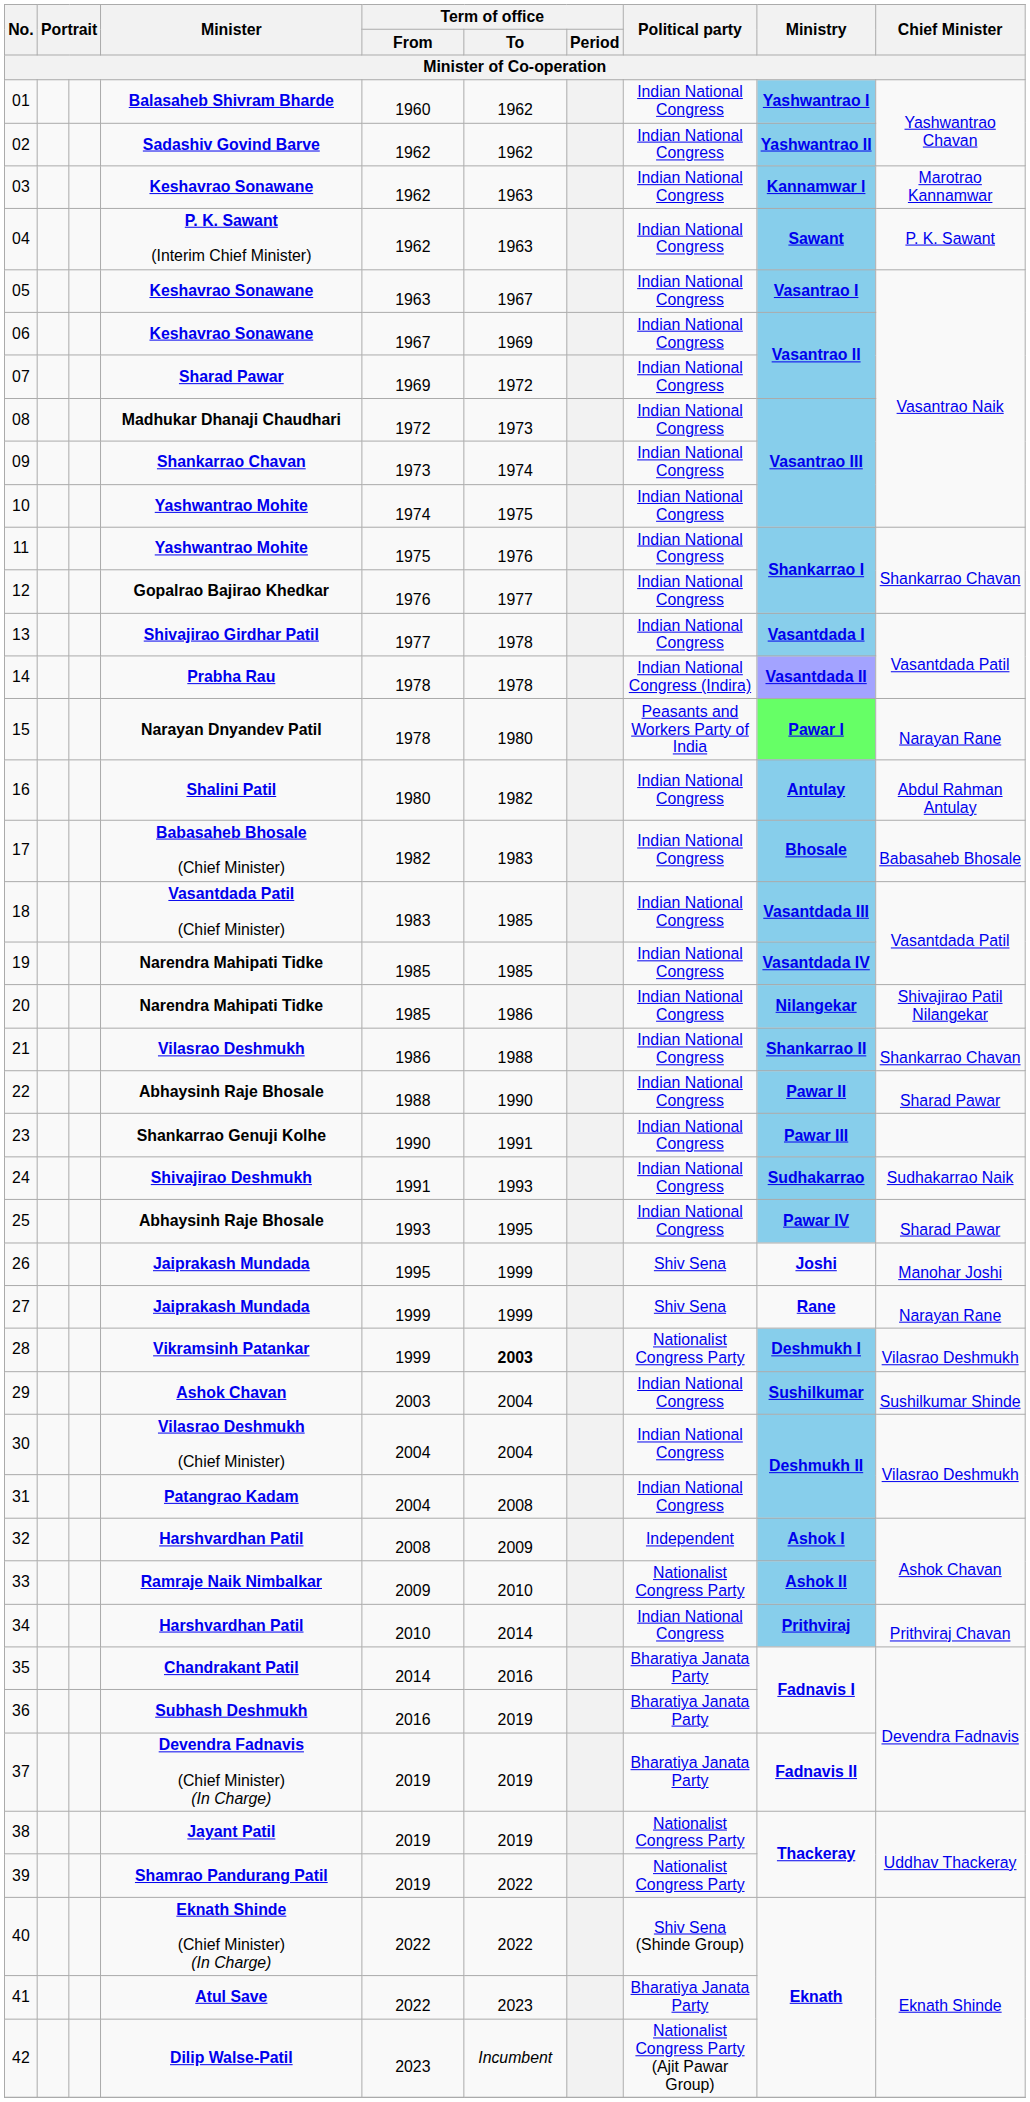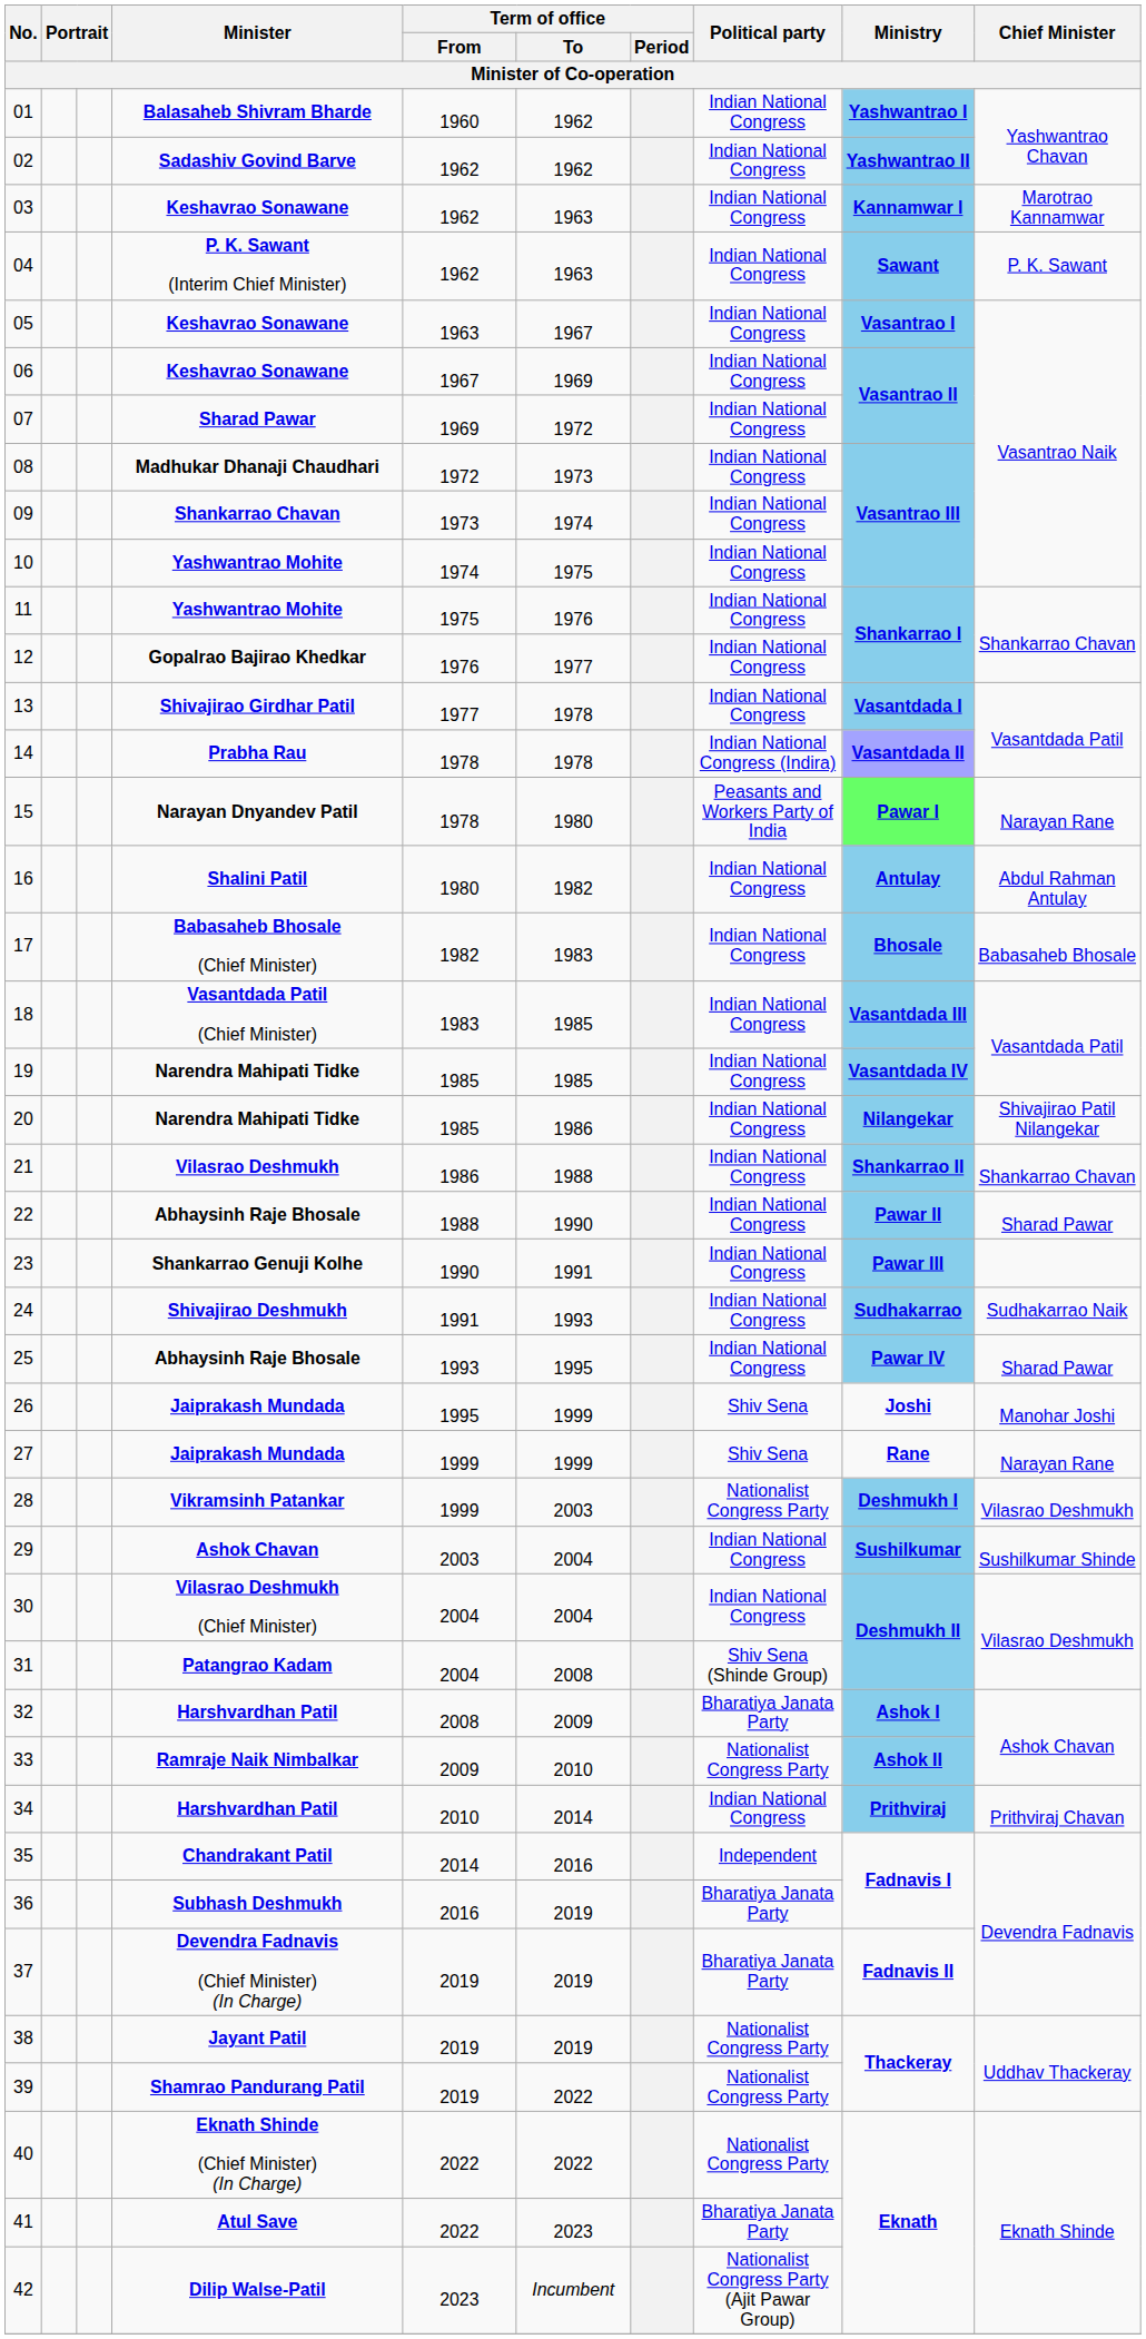 <table class="wikitable" style="text-align:center">
 <tr>
 <th rowspan="2">No.</th>
 <th rowspan="2" colspan="2">Portrait</th>
 <th rowspan="2" style="width:16em">Minister<br></th>
 <th colspan="3">Term of office</th>
 <th rowspan="2" style="width:8em">Political party</th>
 <th rowspan="2">Ministry</th>
 <th rowspan="2" style="width:9em">Chief Minister</th>
 </tr>
 <tr>
 <th style="width:6em">From</th>
 <th style="width:6em">To</th>
 <th>Period</th>
 </tr>
 <tr>
 <th colspan="10">Minister of Co-operation</th>
 </tr>
 <tr>
 <td>01</td>
 <td style="color:inherit;background:"></td>
 <td></td>
 <td><strong><a href='#'>Balasaheb Shivram Bharde</a></strong>  <br> </td>
 <td><br>1960</td>
 <td><br>1962</td>
 <th></th>
 <td><a href='#'>Indian National Congress</a></td>
 <td bgcolor="#87CEEB"><a href='#'><strong>Yashwantrao I</strong></a></td>
 <td rowspan="2"> <br><a href='#'>Yashwantrao Chavan</a></td>
 </tr>
 <tr>
 <td>02</td>
 <td style="color:inherit;background:"></td>
 <td></td>
 <td><strong><a href='#'>Sadashiv Govind Barve</a></strong> <br> </td>
 <td><br>1962</td>
 <td><br>1962</td>
 <th></th>
 <td><a href='#'>Indian National Congress</a></td>
 <td bgcolor="#87CEEB"><a href='#'><strong>Yashwantrao II</strong></a></td>
 </tr>
 <tr>
 <td>03</td>
 <td style="color:inherit;background:"></td>
 <td></td>
 <td><strong><a href='#'>Keshavrao Sonawane</a></strong> <br> </td>
 <td><br>1962</td>
 <td><br>1963</td>
 <th></th>
 <td><a href='#'>Indian National Congress</a></td>
 <td bgcolor="#87CEEB"><a href='#'><strong>Kannamwar l</strong></a></td>
 <td><a href='#'>Marotrao Kannamwar</a></td>
 </tr>
 <tr>
 <td>04</td>
 <td style="color:inherit;background:"></td>
 <td></td>
 <td><strong><a href='#'>P. K. Sawant</a></strong> <br>  <br>(Interim Chief Minister)</td>
 <td><br>1962</td>
 <td><br>1963</td>
 <th></th>
 <td><a href='#'>Indian National Congress</a></td>
 <td bgcolor="#87CEEB"><a href='#'><strong>Sawant</strong></a></td>
 <td><a href='#'>P. K. Sawant</a></td>
 </tr>
 <tr>
 <td>05</td>
 <td style="color:inherit;background:"></td>
 <td></td>
 <td><strong><a href='#'>Keshavrao Sonawane</a></strong> <br> </td>
 <td><br>1963</td>
 <td><br>1967</td>
 <th></th>
 <td><a href='#'>Indian National Congress</a></td>
 <td bgcolor="#87CEEB"><a href='#'><strong>Vasantrao I</strong></a></td>
 <td rowspan="6"><br><a href='#'>Vasantrao Naik</a></td>
 </tr>
 <tr>
 <td>06</td>
 <td style="color:inherit;background:"></td>
 <td></td>
 <td><strong><a href='#'>Keshavrao Sonawane</a></strong> <br> </td>
 <td><br>1967</td>
 <td><br>1969</td>
 <th></th>
 <td><a href='#'>Indian National Congress</a></td>
 <td rowspan="2" bgcolor="#87CEEB"><a href='#'><strong>Vasantrao II</strong></a></td>
 </tr>
 <tr>
 <td>07</td>
 <td style="color:inherit;background:"></td>
 <td></td>
 <td><strong><a href='#'>Sharad Pawar</a></strong> <br> </td>
 <td><br>1969</td>
 <td><br>1972</td>
 <th></th>
 <td><a href='#'>Indian National Congress</a></td>
 </tr>
 <tr>
 <td>08</td>
 <td style="color:inherit;background:"></td>
 <td></td>
 <td><strong>Madhukar Dhanaji Chaudhari</strong> <br> </td>
 <td><br>1972</td>
 <td><br>1973</td>
 <th></th>
 <td><a href='#'>Indian National Congress</a></td>
 <td rowspan="3" bgcolor="#87CEEB"><a href='#'><strong>Vasantrao III</strong></a></td>
 </tr>
 <tr>
 <td>09</td>
 <td style="color:inherit;background:"></td>
 <td></td>
 <td><strong><a href='#'>Shankarrao Chavan</a></strong> <br> </td>
 <td><br>1973</td>
 <td><br>1974</td>
 <th></th>
 <td><a href='#'>Indian National Congress</a></td>
 </tr>
 <tr>
 <td>10</td>
 <td style="color:inherit;background:"></td>
 <td></td>
 <td><strong><a href='#'>Yashwantrao Mohite</a></strong> <br> </td>
 <td><br>1974</td>
 <td><br>1975</td>
 <th></th>
 <td><a href='#'>Indian National Congress</a></td>
 </tr>
 <tr>
 <td>11</td>
 <td style="color:inherit;background:"></td>
 <td></td>
 <td><strong><a href='#'>Yashwantrao Mohite</a></strong> <br> </td>
 <td><br>1975</td>
 <td><br>1976</td>
 <th></th>
 <td><a href='#'>Indian National Congress</a></td>
 <td rowspan="2" bgcolor="#87CEEB"><a href='#'><strong>Shankarrao I</strong></a></td>
 <td rowspan="2"><br><a href='#'>Shankarrao Chavan</a></td>
 </tr>
 <tr>
 <td>12</td>
 <td style="color:inherit;background:"></td>
 <td></td>
 <td><strong>Gopalrao Bajirao Khedkar</strong> <br> </td>
 <td><br>1976</td>
 <td><br>1977</td>
 <th></th>
 <td><a href='#'>Indian National Congress</a></td>
 </tr>
 <tr>
 <td>13</td>
 <td style="color:inherit;background:"></td>
 <td></td>
 <td><strong><a href='#'>Shivajirao Girdhar Patil</a></strong> <br> </td>
 <td><br>1977</td>
 <td><br>1978</td>
 <th></th>
 <td><a href='#'>Indian National Congress</a></td>
 <td rowspan="1" bgcolor="#88CEEB"><a href='#'><strong>Vasantdada I</strong></a></td>
 <td rowspan="2"><br><a href='#'>Vasantdada Patil</a></td>
 </tr>
 <tr>
 <td>14</td>
 <td style="color:inherit;background:"></td>
 <td></td>
 <td><strong><a href='#'>Prabha Rau</a></strong> <br> </td>
 <td><br>1978</td>
 <td><br>1978</td>
 <th></th>
 <td><a href='#'>Indian National Congress (Indira)</a></td>
 <td bgcolor="#A3A3FF"><a href='#'><strong>Vasantdada II</strong></a></td>
 </tr>
 <tr>
 <td>15</td>
 <td style="color:inherit;background:"></td>
 <td></td>
 <td><strong>Narayan Dnyandev Patil</strong> <br> </td>
 <td><br>1978</td>
 <td><br>1980</td>
 <th></th>
 <td><a href='#'>Peasants and Workers Party of India</a></td>
 <td rowspan="1" bgcolor="#66FF66"><a href='#'><strong>Pawar I</strong></a></td>
 <td rowspan="1"> <br><a href='#'>Narayan Rane</a></td>
 </tr>
 <tr>
 <td>16</td>
 <td style="color:inherit;background:"></td>
 <td></td>
 <td><strong><a href='#'>Shalini Patil</a></strong> <br> </td>
 <td><br>1980</td>
 <td><br>1982</td>
 <th></th>
 <td><a href='#'>Indian National Congress</a></td>
 <td rowspan="1" bgcolor="#87CEEB"><a href='#'><strong>Antulay</strong></a></td>
 <td rowspan="1"> <br><a href='#'>Abdul Rahman Antulay</a></td>
 </tr>
 <tr>
 <td>17</td>
 <td style="color:inherit;background:"></td>
 <td></td>
 <td><strong><a href='#'>Babasaheb Bhosale</a></strong> <br> <br>(Chief Minister)</td>
 <td><br>1982</td>
 <td><br>1983</td>
 <th></th>
 <td><a href='#'>Indian National Congress</a></td>
 <td rowspan="1" bgcolor="#87CEEB"><a href='#'><strong>Bhosale</strong></a></td>
 <td rowspan="1"> <br><a href='#'>Babasaheb Bhosale</a></td>
 </tr>
 <tr>
 <td>18</td>
 <td style="color:inherit;background:"></td>
 <td><br></td>
 <td><strong><a href='#'>Vasantdada Patil</a></strong>   <br> <br>(Chief Minister)</td>
 <td><br>1983</td>
 <td><br>1985</td>
 <th></th>
 <td><a href='#'>Indian National Congress</a></td>
 <td bgcolor="#87CEEB"><a href='#'><strong>Vasantdada III</strong></a></td>
 <td rowspan="2"><br><a href='#'>Vasantdada Patil</a></td>
 </tr>
 <tr>
 <td>19</td>
 <td style="color:inherit;background:"></td>
 <td></td>
 <td><strong>Narendra Mahipati Tidke</strong> <br> </td>
 <td><br>1985</td>
 <td><br>1985</td>
 <th></th>
 <td><a href='#'>Indian National Congress</a></td>
 <td bgcolor="#87CEEB"><a href='#'><strong>Vasantdada IV</strong></a></td>
 </tr>
 <tr>
 <td>20</td>
 <td style="color:inherit;background:"></td>
 <td></td>
 <td><strong>Narendra Mahipati Tidke</strong>  <br> </td>
 <td><br>1985</td>
 <td><br>1986</td>
 <th></th>
 <td><a href='#'>Indian National Congress</a></td>
 <td bgcolor="#87CEEB"><a href='#'><strong>Nilangekar</strong></a></td>
 <td><a href='#'>Shivajirao Patil Nilangekar</a></td>
 </tr>
 <tr>
 <td>21</td>
 <td style="color:inherit;background:"></td>
 <td></td>
 <td><strong><a href='#'>Vilasrao Deshmukh</a></strong> <br> </td>
 <td><br>1986</td>
 <td><br>1988</td>
 <th></th>
 <td><a href='#'>Indian National Congress</a></td>
 <td rowspan="1"bgcolor="#87CEEB"><a href='#'><strong>Shankarrao II</strong></a></td>
 <td rowspan="1"> <br><a href='#'>Shankarrao Chavan</a></td>
 </tr>
 <tr>
 <td>22</td>
 <td style="color:inherit;background:"></td>
 <td></td>
 <td><strong>Abhaysinh Raje Bhosale</strong>   <br> </td>
 <td><br>1988</td>
 <td><br>1990</td>
 <th></th>
 <td><a href='#'>Indian National Congress</a></td>
 <td rowspan="1" bgcolor="#87CEEB"><a href='#'><strong>Pawar II</strong></a></td>
 <td rowspan="1"> <br><a href='#'>Sharad Pawar</a></td>
 </tr>
 <tr>
 <td>23</td>
 <td style="color:inherit;background:"></td>
 <td></td>
 <td><strong>Shankarrao Genuji Kolhe</strong> <br> </td>
 <td><br>1990</td>
 <td><br>1991</td>
 <th></th>
 <td><a href='#'>Indian National Congress</a></td>
 <td rowspan="1" bgcolor="#87CEEB"><a href='#'><strong>Pawar III</strong></a></td>
 </tr>
 <tr>
 <td>24</td>
 <td style="color:inherit;background:"></td>
 <td></td>
 <td><strong><a href='#'>Shivajirao Deshmukh</a></strong> <br> </td>
 <td><br>1991</td>
 <td><br>1993</td>
 <th></th>
 <td><a href='#'>Indian National Congress</a></td>
 <td rowspan="1" bgcolor="#87CEEB"><a href='#'><strong>Sudhakarrao</strong></a></td>
 <td rowspan="1"><a href='#'>Sudhakarrao Naik</a></td>
 </tr>
 <tr>
 <td>25</td>
 <td style="color:inherit;background:"></td>
 <td></td>
 <td><strong>Abhaysinh Raje Bhosale</strong> <br> </td>
 <td><br>1993</td>
 <td><br>1995</td>
 <th></th>
 <td><a href='#'>Indian National Congress</a></td>
 <td bgcolor="#87CEEB"><a href='#'><strong>Pawar IV</strong></a></td>
 <td> <br><a href='#'>Sharad Pawar</a></td>
 </tr>
 <tr>
 <td>26</td>
 <td style="color:inherit;background:"></td>
 <td></td>
 <td><strong><a href='#'>Jaiprakash Mundada</a></strong> <br> </td>
 <td><br>1995</td>
 <td><br>1999</td>
 <th></th>
 <td><a href='#'>Shiv Sena</a></td>
 <td rowspan="1"><a href='#'><strong>Joshi</strong></a></td>
 <td rowspan="1"> <br><a href='#'>Manohar Joshi</a></td>
 </tr>
 <tr>
 <td>27</td>
 <td style="color:inherit;background:"></td>
 <td></td>
 <td><strong><a href='#'>Jaiprakash Mundada</a></strong> <br> </td>
 <td><br>1999</td>
 <td><br>1999</td>
 <th></th>
 <td><a href='#'>Shiv Sena</a></td>
 <td rowspan="1"><a href='#'><strong>Rane</strong></a></td>
 <td rowspan="1"> <br><a href='#'>Narayan Rane</a></td>
 </tr>
 <tr>
 <td>28</td>
 <td style="color:inherit;background:"></td>
 <td></td>
 <td><strong><a href='#'>Vikramsinh Patankar</a></strong> <br> </td>
 <td><br>1999</td>
-<td><strong><br>2003</strong></td>
+<td><br>2003</td>
 <th></th>
 <td><a href='#'>Nationalist Congress Party</a></td>
 <td rowspan="1" bgcolor="#87CEEB"><a href='#'><strong>Deshmukh I</strong></a></td>
 <td rowspan="1"> <br><a href='#'>Vilasrao Deshmukh</a></td>
 </tr>
 <tr>
 <td>29</td>
 <td style="color:inherit;background:"></td>
 <td></td>
 <td><strong><a href='#'>Ashok Chavan</a></strong> <br> </td>
 <td><br>2003</td>
 <td><br>2004</td>
 <th></th>
 <td><a href='#'>Indian National Congress</a></td>
 <td rowspan="1" bgcolor="#87CEEB"><a href='#'><strong>Sushilkumar</strong></a></td>
 <td rowspan="1"> <br><a href='#'>Sushilkumar Shinde</a></td>
 </tr>
 <tr>
 <td>30</td>
 <td style="color:inherit;background:"></td>
 <td></td>
 <td><strong><a href='#'>Vilasrao Deshmukh</a></strong> <br> <br>(Chief Minister)</td>
 <td><br>2004</td>
 <td><br>2004</td>
 <th></th>
 <td><a href='#'>Indian National Congress</a></td>
 <td rowspan="2" bgcolor="#87CEEB"><a href='#'><strong>Deshmukh II</strong></a></td>
 <td rowspan="2"> <br><a href='#'>Vilasrao Deshmukh</a></td>
 </tr>
 <tr>
 <td>31</td>
 <td style="color:inherit;background:"></td>
 <td></td>
 <td><strong><a href='#'>Patangrao Kadam</a></strong> <br> </td>
 <td><br>2004</td>
 <td><br>2008</td>
 <th></th>
-<td><a href='#'>Indian National Congress</a></td>
+<td><a href='#'>Shiv Sena</a> (Shinde Group)</td>
 </tr>
 <tr>
 <td>32</td>
 <td style="color:inherit;background:"></td>
 <td></td>
 <td><strong><a href='#'>Harshvardhan Patil</a></strong> <br> </td>
 <td><br>2008</td>
 <td><br>2009</td>
 <th></th>
-<td><a href='#'>Independent</a></td>
+<td rowspan="1"><a href='#'>Bharatiya Janata Party</a></td>
 <td bgcolor="#87CEEB"><a href='#'><strong>Ashok I</strong></a></td>
 <td rowspan="2"><br><a href='#'>Ashok Chavan</a></td>
 </tr>
 <tr>
 <td>33</td>
 <td style="color:inherit;background:"></td>
 <td></td>
 <td><strong><a href='#'>Ramraje Naik Nimbalkar</a></strong> <br> </td>
 <td><br>2009</td>
 <td><br>2010</td>
 <th></th>
 <td><a href='#'>Nationalist Congress Party</a></td>
 <td bgcolor="#87CEEB"><a href='#'><strong>Ashok II</strong></a></td>
 </tr>
 <tr>
 <td>34</td>
 <td style="color:inherit;background:"></td>
 <td></td>
 <td><strong><a href='#'>Harshvardhan Patil</a></strong> <br> </td>
 <td><br>2010</td>
 <td><br>2014</td>
 <th></th>
 <td><a href='#'>Indian National Congress</a></td>
 <td rowspan="1" bgcolor="#87CEEB"><a href='#'><strong>Prithviraj</strong></a></td>
 <td rowspan="1"><br><a href='#'>Prithviraj Chavan</a></td>
 </tr>
 <tr>
 <td>35</td>
 <td style="color:inherit;background:"></td>
 <td></td>
 <td><strong><a href='#'>Chandrakant Patil</a></strong> <br> </td>
 <td><br>2014</td>
 <td><br>2016</td>
 <th></th>
-<td rowspan="1"><a href='#'>Bharatiya Janata Party</a></td>
+<td><a href='#'>Independent</a></td>
 <td rowspan="2"><a href='#'><strong>Fadnavis I</strong></a></td>
 <td rowspan="3"> <br><a href='#'>Devendra Fadnavis</a></td>
 </tr>
 <tr>
 <td>36</td>
 <td style="color:inherit;background:"></td>
 <td></td>
 <td><strong><a href='#'>Subhash Deshmukh</a></strong> <br> </td>
 <td><br>2016</td>
 <td><br>2019</td>
 <th></th>
 <td rowspan="1"><a href='#'>Bharatiya Janata Party</a></td>
 </tr>
 <tr>
 <td>37</td>
 <td style="color:inherit;background:"></td>
 <td></td>
 <td><strong><a href='#'>Devendra Fadnavis</a></strong>  <br> <br>(Chief Minister) <br><em>(In Charge)</em></td>
 <td><br>2019</td>
 <td><br>2019</td>
 <th></th>
 <td><a href='#'>Bharatiya Janata Party</a></td>
 <td rowspan="1"><a href='#'><strong>Fadnavis II</strong></a></td>
 </tr>
 <tr>
 <td>38</td>
 <td style="color:inherit;background:"></td>
 <td></td>
 <td><strong><a href='#'>Jayant Patil</a></strong> <br> </td>
 <td><br>2019</td>
 <td><br>2019</td>
 <th></th>
 <td><a href='#'>Nationalist Congress Party</a></td>
 <td rowspan="2"><a href='#'><strong>Thackeray</strong></a></td>
 <td rowspan="2"> <br><a href='#'>Uddhav Thackeray</a></td>
 </tr>
 <tr>
 <td>39</td>
 <td style="color:inherit;background:"></td>
 <td></td>
 <td><strong><a href='#'>Shamrao Pandurang Patil</a></strong> <br> </td>
 <td><br>2019</td>
 <td><br>2022</td>
 <th></th>
 <td><a href='#'>Nationalist Congress Party</a></td>
 </tr>
 <tr>
 <td>40</td>
 <td style="color:inherit;background:"></td>
 <td></td>
 <td><strong><a href='#'>Eknath Shinde</a></strong> <br> <br>(Chief Minister) <br><em>(In Charge)</em></td>
 <td><br>2022</td>
 <td><br>2022</td>
 <th></th>
-<td><a href='#'>Shiv Sena</a> (Shinde Group)</td>
+<td><a href='#'>Nationalist Congress Party</a></td>
 <td rowspan="3"><a href='#'><strong>Eknath</strong></a></td>
 <td rowspan="3"> <br><a href='#'>Eknath Shinde</a></td>
 </tr>
 <tr>
 <td>41</td>
 <td style="color:inherit;background:"></td>
 <td></td>
 <td><strong><a href='#'>Atul Save</a></strong> <br> </td>
 <td><br>2022</td>
 <td><br>2023</td>
 <th></th>
 <td><a href='#'>Bharatiya Janata Party</a></td>
 </tr>
 <tr>
 <td>42</td>
 <td style="color:inherit;background:"></td>
 <td></td>
 <td><strong><a href='#'>Dilip Walse-Patil</a></strong> <br> </td>
 <td><br>2023</td>
 <td><em>Incumbent</em></td>
 <th></th>
 <td><a href='#'>Nationalist Congress Party</a> (Ajit Pawar Group)</td>
 </tr>
 <tr>
 </tr>
 </table>
